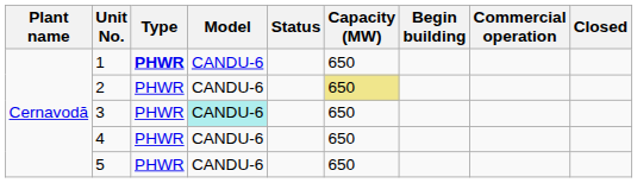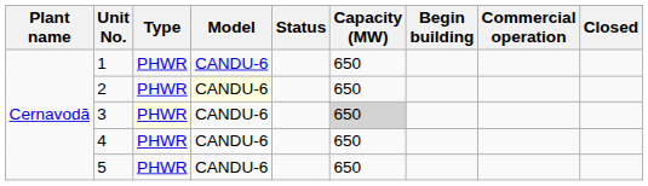 <table class="wikitable sortable mw-datatable">
 <tr>
 <th>Plant<br>name</th>
 <th>Unit<br>No.</th>
 <th>Type</th>
 <th>Model</th>
 <th>Status</th>
 <th>Capacity<br>(MW)</th>
 <th>Begin<br>building</th>
 <th>Commercial<br>operation</th>
 <th>Closed</th>
 </tr>
 <tr>
 <td rowspan=5><a href='#'>Cernavodă</a></td>
 <td>1</td>
-<td><strong><a href='#'>PHWR</a></strong></td>
+<td><a href='#'>PHWR</a></td>
 <td><a href='#'>CANDU-6</a></td>
 <td></td>
 <td>650</td>
 <td></td>
 <td></td>
 <td></td>
 </tr>
 <tr>
 <td>2</td>
 <td><a href='#'>PHWR</a></td>
-<td>CANDU-6</td>
+<td style="background: lightyellow;">CANDU-6</td>
 <td></td>
-<td style="background: khaki;">650</td>
+<td>650</td>
 <td></td>
 <td></td>
 <td></td>
 </tr>
 <tr>
 <td>3</td>
-<td><a href='#'>PHWR</a></td>
-<td style="background: paleturquoise;">CANDU-6</td>
+<td style="background: lightyellow;"><a href='#'>PHWR</a></td>
+<td>CANDU-6</td>
 <td></td>
-<td>650</td>
+<td style="background: lightgrey;">650</td>
 <td></td>
 <td></td>
 <td></td>
 </tr>
 <tr>
 <td>4</td>
 <td><a href='#'>PHWR</a></td>
 <td>CANDU-6</td>
 <td></td>
 <td>650</td>
 <td></td>
 <td></td>
 <td></td>
 </tr>
 <tr>
 <td>5</td>
 <td><a href='#'>PHWR</a></td>
 <td>CANDU-6</td>
 <td></td>
 <td>650</td>
 <td></td>
 <td></td>
 <td></td>
 </tr>
 </table>
